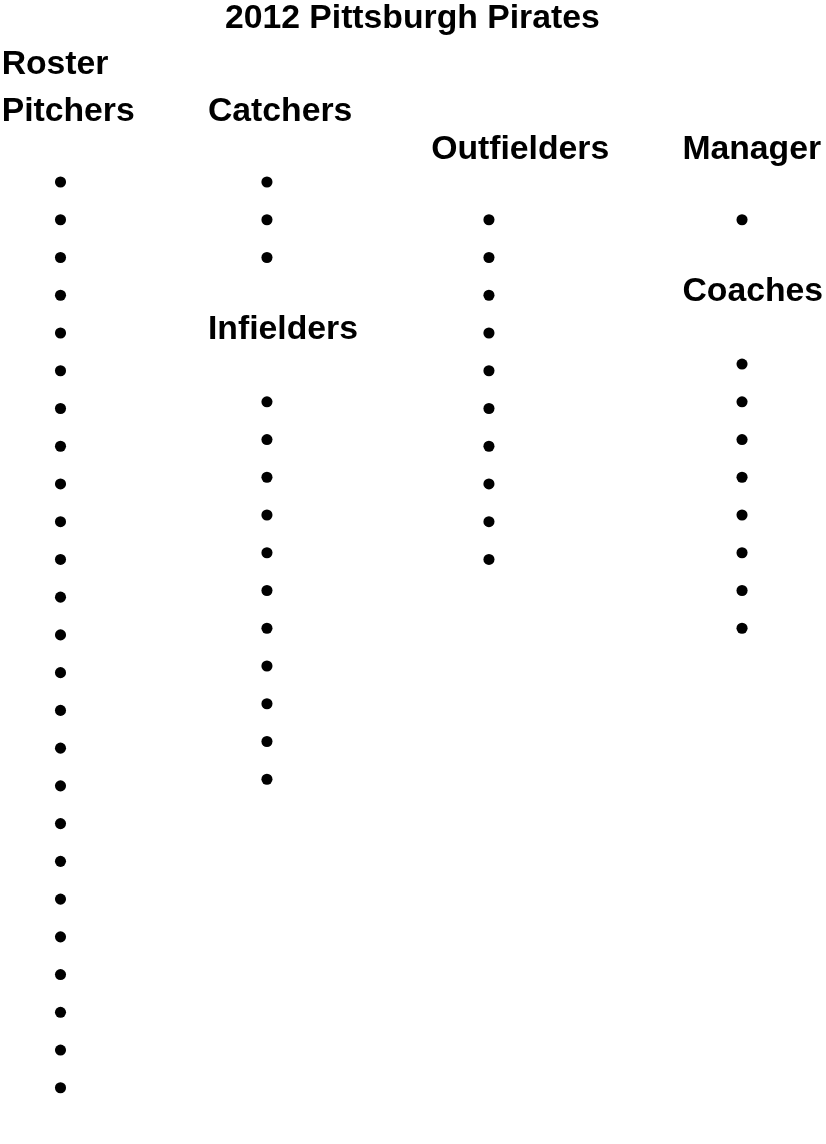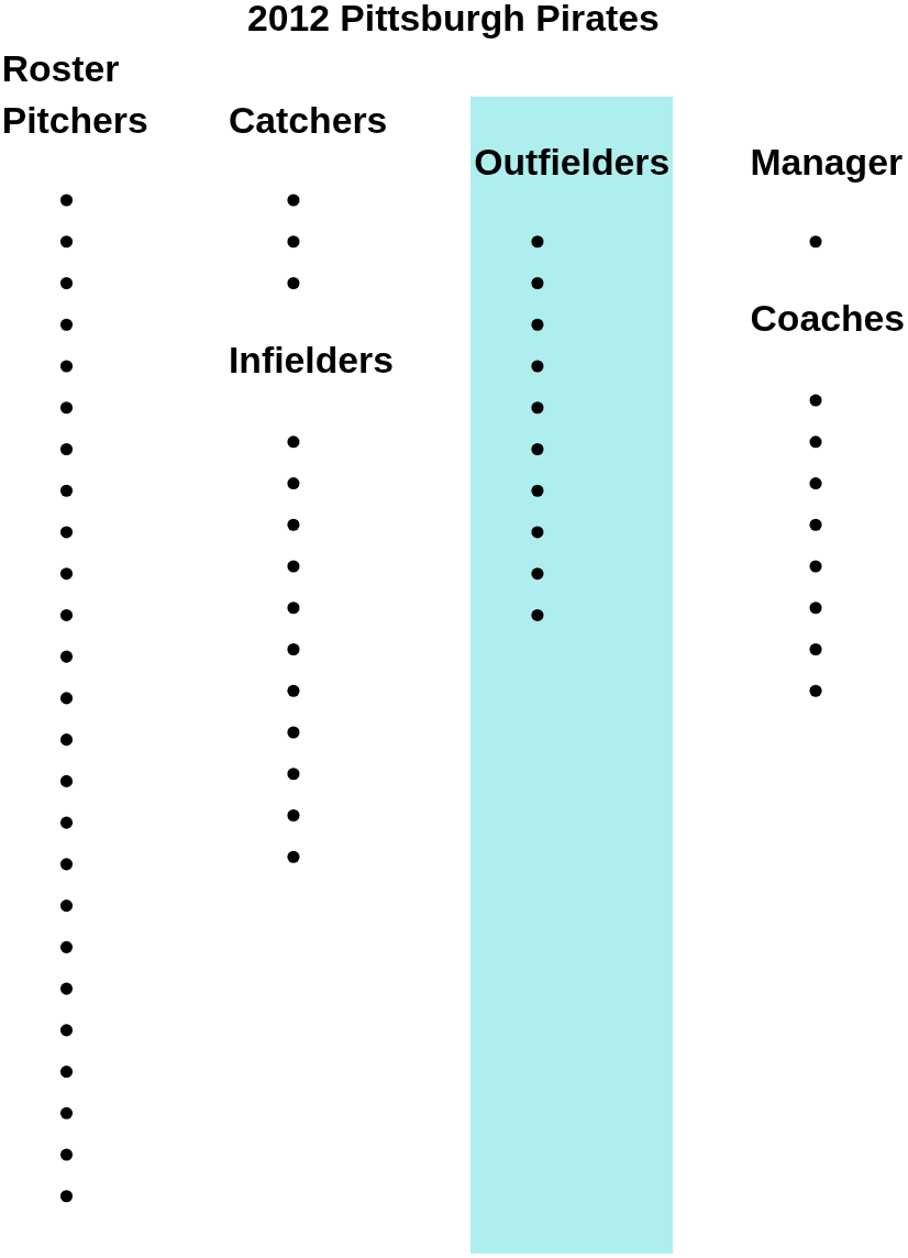 <table class="toccolours" style="font-size: 95%;">
 <tr>
 <th colspan="10">2012 Pittsburgh Pirates</th>
 </tr>
 <tr>
 <td colspan="10"><strong>Roster</strong></td>
 </tr>
 <tr>
 <td valign="top"><strong>Pitchers</strong><br><ul><li></li><li></li><li></li><li></li><li></li><li></li><li></li><li></li><li></li><li></li><li></li><li></li><li></li><li></li><li></li><li></li><li></li><li></li><li></li><li></li><li></li><li></li><li></li><li></li><li></li></ul></td>
 <td style="width:25px;"></td>
 <td valign="top"><strong>Catchers</strong><br><ul><li></li><li></li><li></li></ul><strong>Infielders</strong><ul><li></li><li></li><li></li><li></li><li></li><li></li><li></li><li></li><li></li><li></li><li></li></ul></td>
 <td style="width:25px;"></td>
-<td valign="top"><br><strong>Outfielders</strong><ul><li></li><li></li><li></li><li></li><li></li><li></li><li></li><li></li><li></li><li></li></ul></td>
+<td valign="top" style="background: paleturquoise;"><br><strong>Outfielders</strong><ul><li></li><li></li><li></li><li></li><li></li><li></li><li></li><li></li><li></li><li></li></ul></td>
 <td style="width:25px;"></td>
 <td valign="top"><br><strong>Manager</strong><ul><li></li></ul><strong>Coaches</strong><ul><li> </li><li> </li><li> </li><li> </li><li> </li><li> </li><li> </li><li> </li></ul></td>
 </tr>
 </table>
